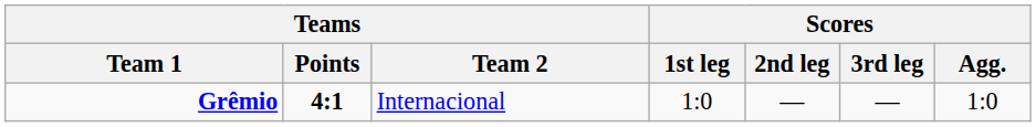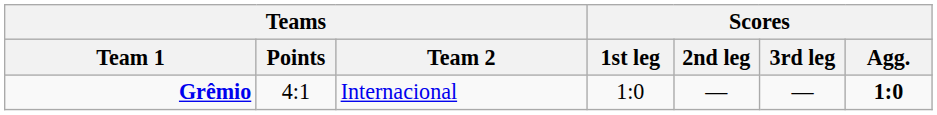 <table class="wikitable" style="text-align:center;">
 <tr>
 <th colspan=3>Teams</th>
 <th colspan=4>Scores</th>
 </tr>
 <tr>
 <th width="175">Team 1</th>
 <th width="50">Points</th>
 <th width="175">Team 2</th>
 <th width="55">1st leg</th>
 <th width="55">2nd leg</th>
 <th width="55">3rd leg</th>
 <th width="55">Agg.</th>
 </tr>
 <tr>
 <td align=right><strong><a href='#'>Grêmio</a></strong> </td>
-<td><strong>4:1</strong></td>
+<td>4:1</td>
 <td align=left> <a href='#'>Internacional</a></td>
 <td>1:0</td>
 <td>—</td>
 <td>—</td>
-<td>1:0</td>
+<td><strong>1:0</strong></td>
 </tr>
 </table>
